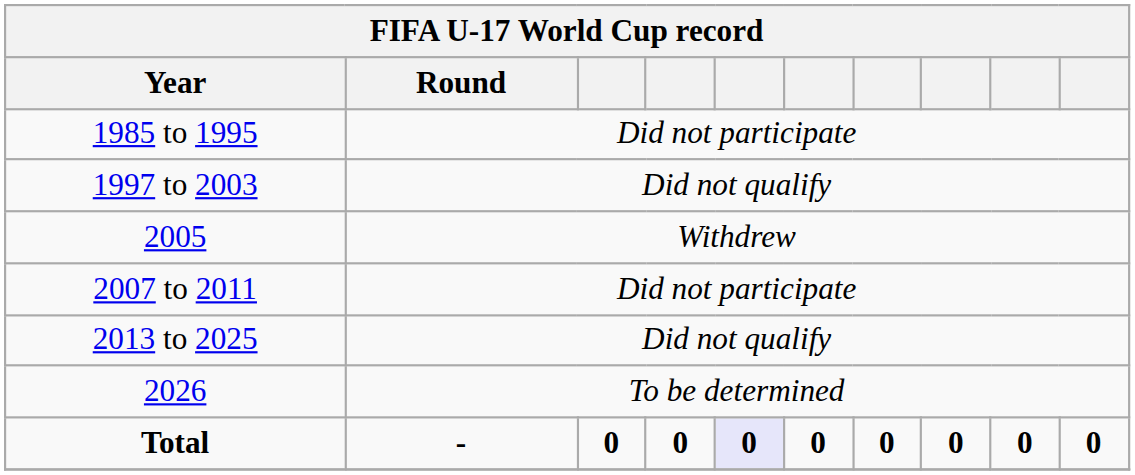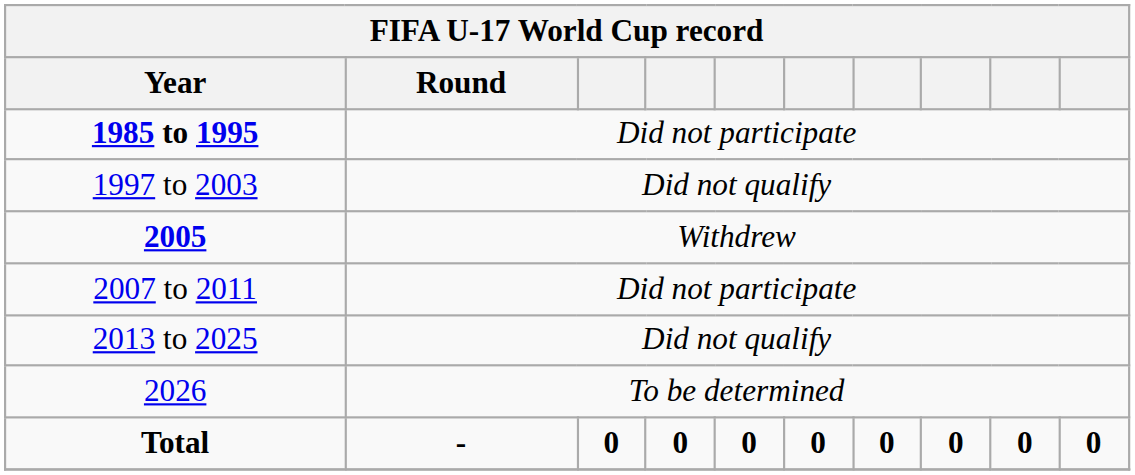 <table class="wikitable" style="text-align: center; font-size: 90%;">
 <tr>
 <th colspan=10>FIFA U-17 World Cup record</th>
 </tr>
 <tr>
 <th width=150>Year</th>
 <th width=100>Round</th>
 <th width=25></th>
 <th width=25></th>
 <th width=25></th>
 <th width=25></th>
 <th width=25></th>
 <th width=25></th>
 <th width=25></th>
 <th width=25></th>
 </tr>
 <tr>
-<td> <a href='#'>1985</a> to  <a href='#'>1995</a></td>
+<td><strong> <a href='#'>1985</a> to  <a href='#'>1995</a></strong></td>
 <td colspan=10><em>Did not participate</em></td>
 </tr>
 <tr>
 <td> <a href='#'>1997</a> to  <a href='#'>2003</a></td>
 <td colspan=10><em>Did not qualify</em></td>
 </tr>
 <tr>
-<td> <a href='#'>2005</a></td>
+<td><strong> <a href='#'>2005</a></strong></td>
 <td colspan=10><em>Withdrew</em></td>
 </tr>
 <tr>
 <td> <a href='#'>2007</a> to  <a href='#'>2011</a></td>
 <td colspan=10><em>Did not participate</em></td>
 </tr>
 <tr>
 <td> <a href='#'>2013</a> to  <a href='#'>2025</a></td>
 <td colspan=10><em>Did not qualify</em></td>
 </tr>
 <tr>
 <td> <a href='#'>2026</a></td>
 <td colspan=10><em>To be determined</em></td>
 </tr>
 <tr>
 <td><strong>Total</strong></td>
 <td><strong>-</strong></td>
 <td><strong>0</strong></td>
 <td><strong>0</strong></td>
-<td style="background: lavender;"><strong>0</strong></td>
+<td><strong>0</strong></td>
 <td><strong>0</strong></td>
 <td><strong>0</strong></td>
 <td><strong>0</strong></td>
 <td><strong>0</strong></td>
 <td><strong>0</strong></td>
 </tr>
 <tr>
 </tr>
 </table>
